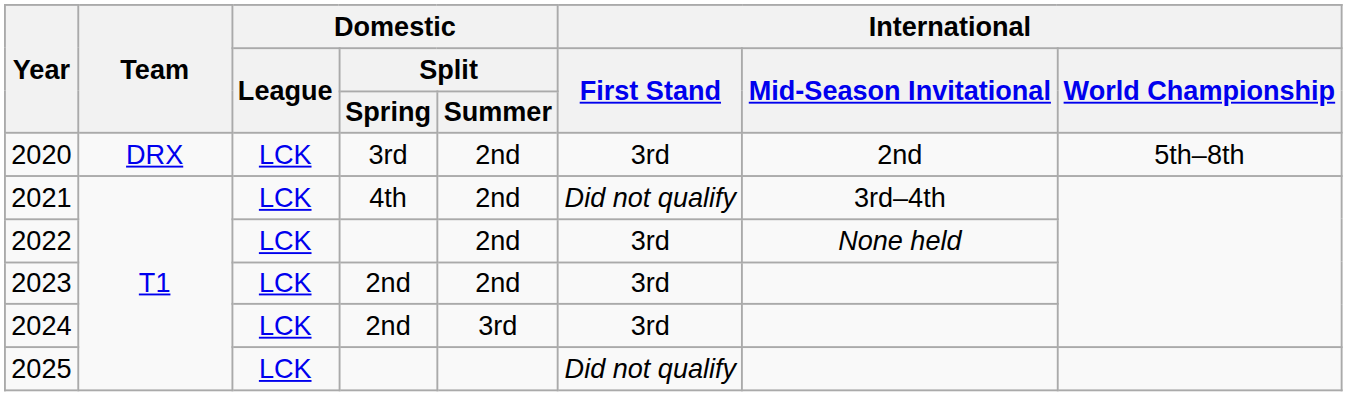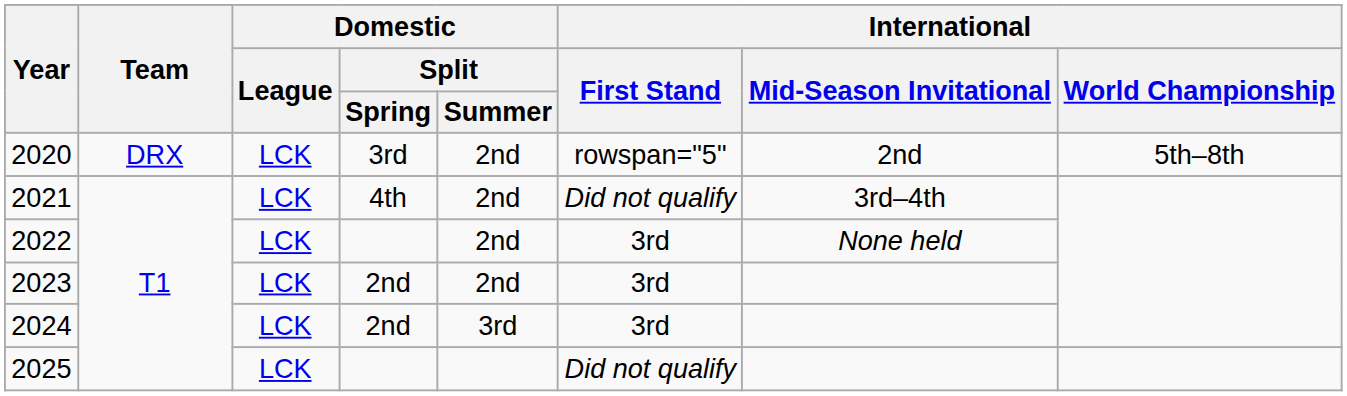 <table class="wikitable" style="font-size:90%; text-align:center;">
 <tr style="background:#f0f6ff;">
 <th rowspan=3>Year</th>
 <th rowspan=3 width=75px>Team</th>
 <th colspan=3>Domestic</th>
 <th colspan=3>International</th>
 </tr>
 <tr>
 <th rowspan=2>League</th>
 <th colspan=2>Split</th>
 <th rowspan=2><a href='#'>First Stand</a></th>
 <th rowspan=2><a href='#'>Mid-Season Invitational</a></th>
 <th rowspan=2><a href='#'>World Championship</a></th>
 </tr>
 <tr>
 <th>Spring</th>
 <th>Summer</th>
 </tr>
 <tr>
 <td>2020</td>
 <td><a href='#'>DRX</a></td>
 <td><a href='#'>LCK</a></td>
 <td>3rd</td>
 <td>2nd</td>
-<td>3rd</td>
+<td>rowspan="5" </td>
 <td>2nd</td>
 <td>5th–8th</td>
 </tr>
 <tr>
 <td>2021</td>
 <td rowspan="5"><a href='#'>T1</a></td>
 <td><a href='#'>LCK</a></td>
 <td>4th</td>
 <td>2nd</td>
 <td><em>Did not qualify</em></td>
 <td>3rd–4th</td>
 </tr>
 <tr>
 <td>2022</td>
 <td><a href='#'>LCK</a></td>
 <td></td>
 <td>2nd</td>
 <td>3rd</td>
 <td><em>None held</em></td>
 </tr>
 <tr>
 <td>2023</td>
 <td><a href='#'>LCK</a></td>
 <td>2nd</td>
 <td>2nd</td>
 <td>3rd</td>
 <td></td>
 </tr>
 <tr>
 <td>2024</td>
 <td><a href='#'>LCK</a></td>
 <td>2nd</td>
 <td>3rd</td>
 <td>3rd</td>
 <td></td>
 </tr>
 <tr>
 <td>2025</td>
 <td><a href='#'>LCK</a></td>
 <td></td>
 <td></td>
 <td><em>Did not qualify</em></td>
 <td></td>
 <td></td>
 </tr>
 </table>
